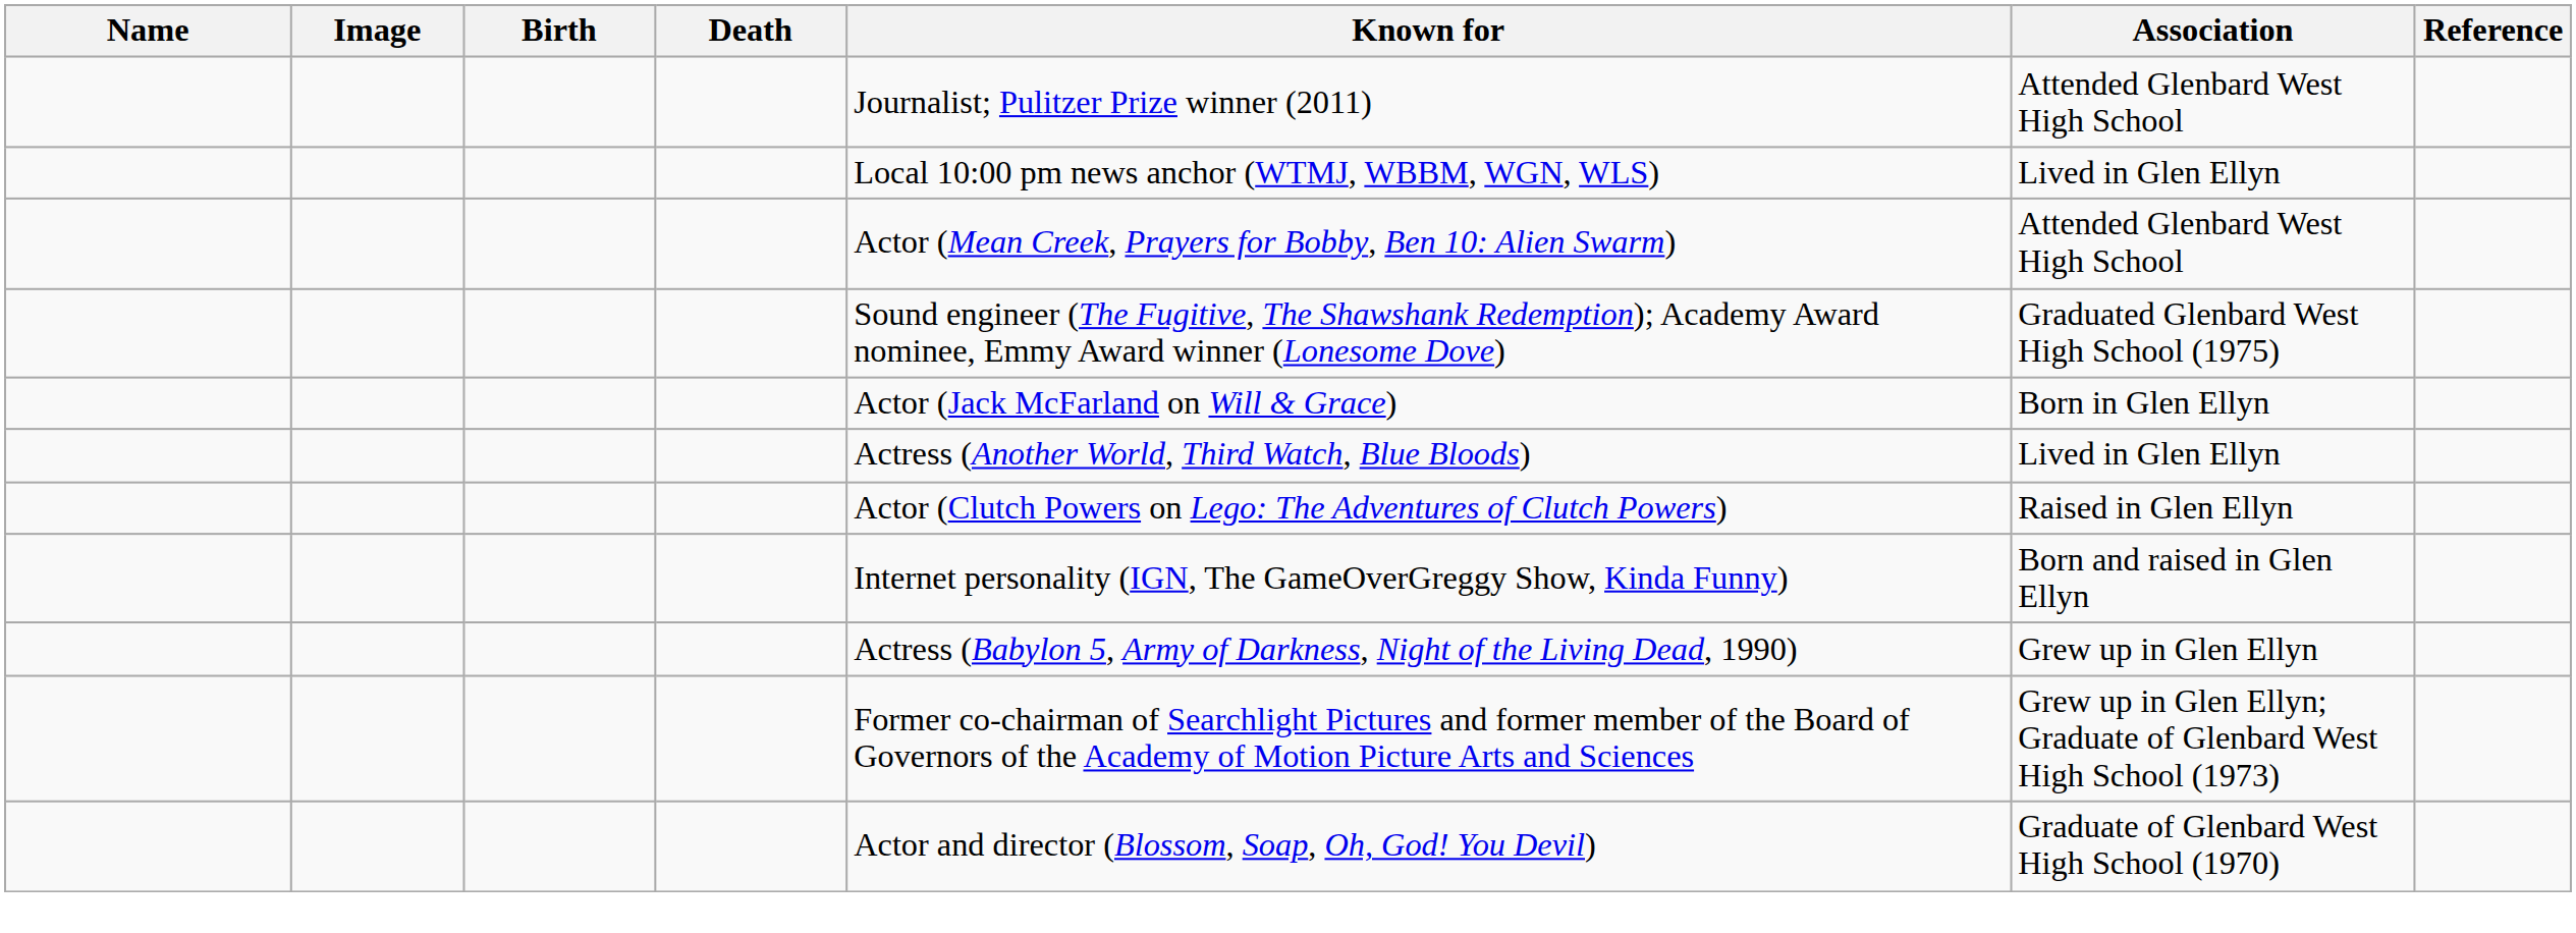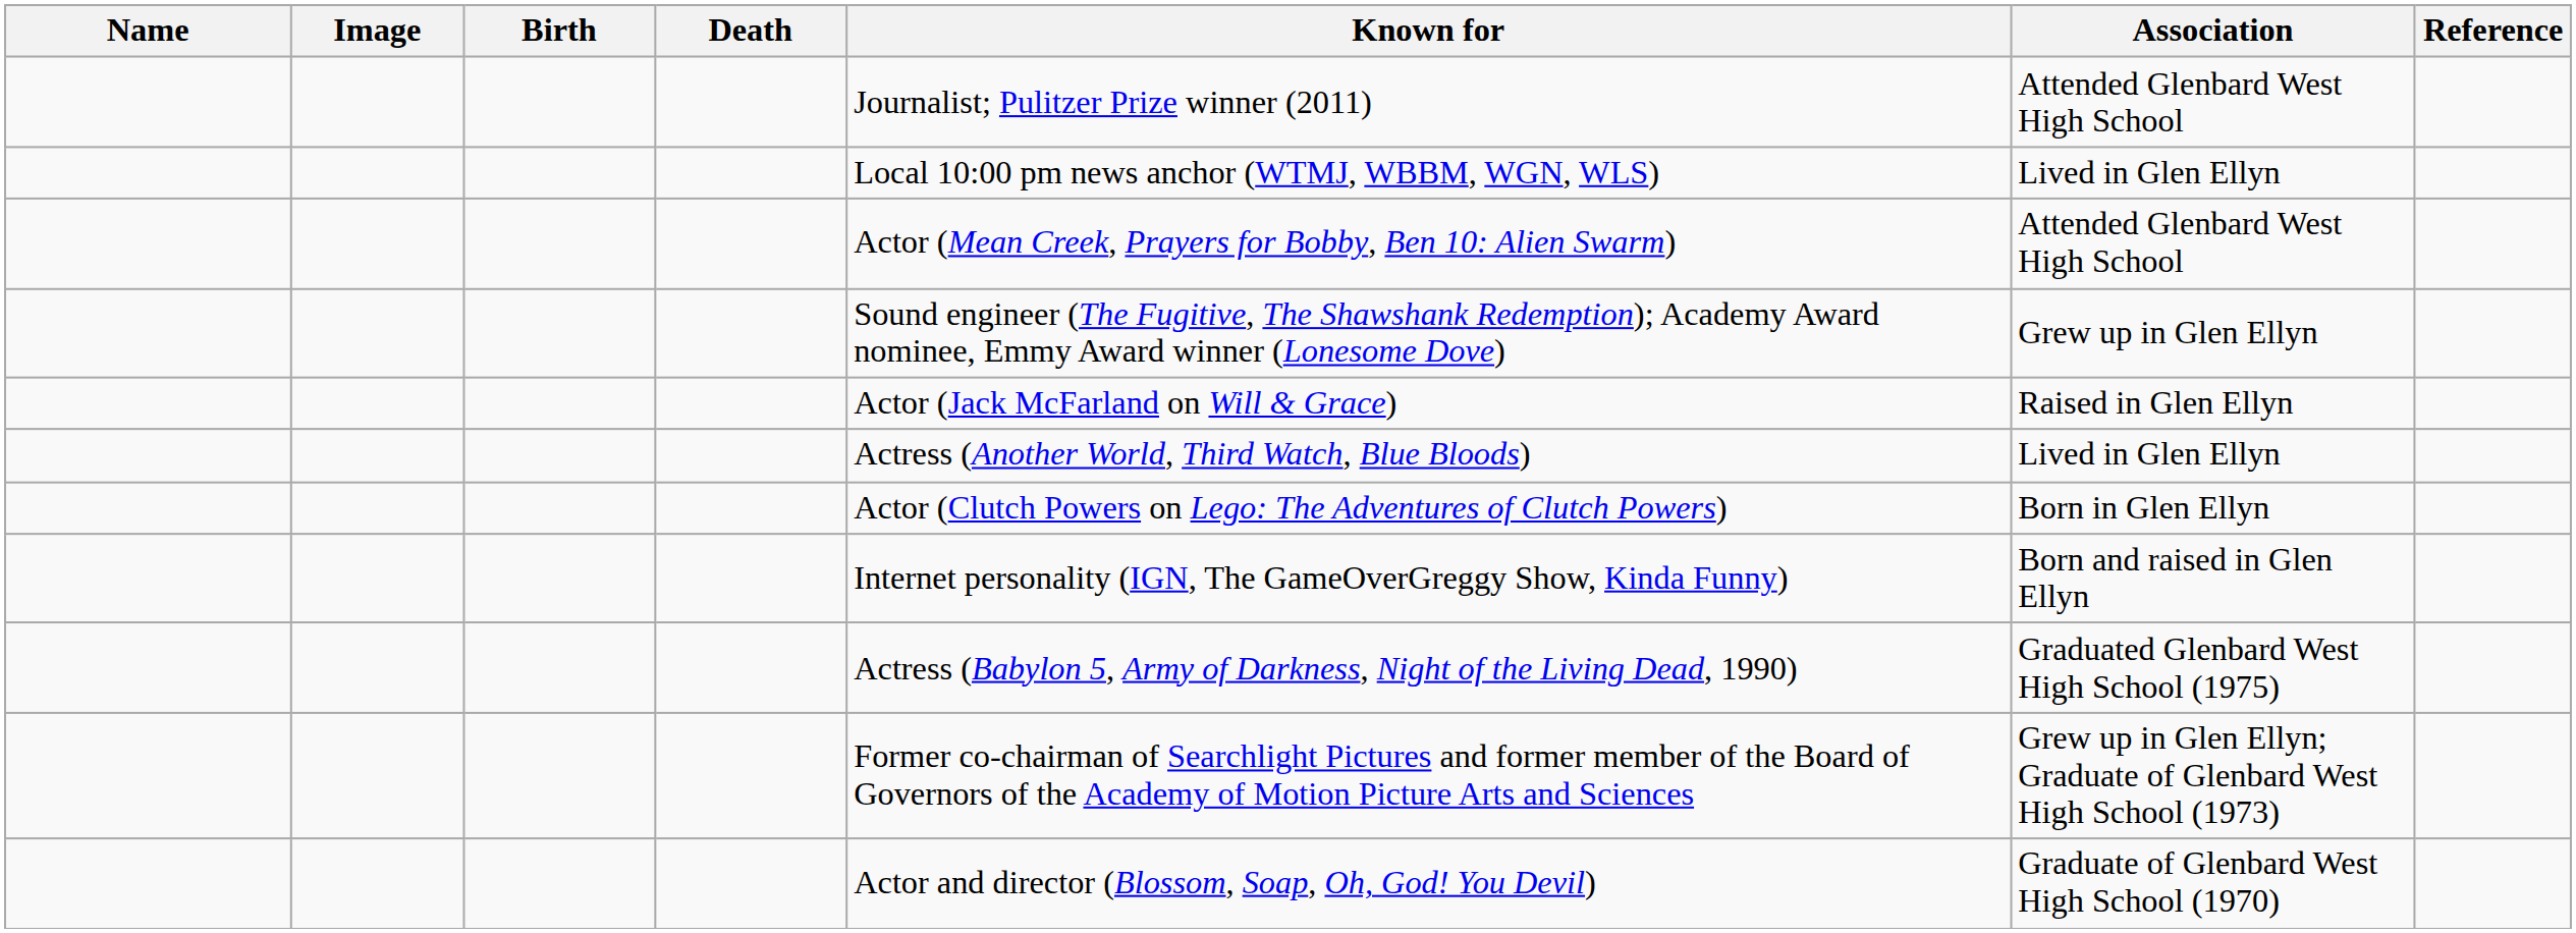 <table class="wikitable sortable">
 <tr>
 <th scope="col" width="140">Name</th>
 <th scope="col" width="80" class="unsortable">Image</th>
 <th scope="col" width="90">Birth</th>
 <th scope="col" width="90">Death</th>
 <th scope="col" width="600" class="unsortable">Known for</th>
 <th scope="col" width="200" class="unsortable">Association</th>
 <th scope="col" width="30" class="unsortable">Reference</th>
 </tr>
 <tr>
 <td></td>
 <td></td>
 <td align=right></td>
 <td></td>
 <td>Journalist; <a href='#'>Pulitzer Prize</a> winner (2011)</td>
 <td>Attended Glenbard West High School</td>
 <td align="center"></td>
 </tr>
 <tr>
 <td></td>
 <td></td>
 <td align=right></td>
 <td align=right></td>
 <td>Local 10:00 pm news anchor (<a href='#'>WTMJ</a>, <a href='#'>WBBM</a>, <a href='#'>WGN</a>, <a href='#'>WLS</a>)</td>
 <td>Lived in Glen Ellyn</td>
 <td align="center"></td>
 </tr>
 <tr>
 <td></td>
 <td></td>
 <td align=right></td>
 <td></td>
 <td>Actor (<em><a href='#'>Mean Creek</a></em>, <em><a href='#'>Prayers for Bobby</a></em>, <em><a href='#'>Ben 10: Alien Swarm</a></em>)</td>
 <td>Attended Glenbard West High School</td>
 <td align="center"></td>
 </tr>
 <tr>
 <td></td>
 <td></td>
 <td></td>
 <td></td>
 <td>Sound engineer (<em><a href='#'>The Fugitive</a></em>, <em><a href='#'>The Shawshank Redemption</a></em>); Academy Award nominee, Emmy Award winner (<em><a href='#'>Lonesome Dove</a></em>)</td>
-<td>Graduated Glenbard West High School (1975)</td>
+<td>Grew up in Glen Ellyn</td>
 <td align="center"></td>
 </tr>
 <tr>
 <td></td>
 <td></td>
 <td align=right></td>
 <td></td>
 <td>Actor (<a href='#'>Jack McFarland</a> on <em><a href='#'>Will & Grace</a></em>)</td>
-<td>Born in Glen Ellyn</td>
+<td>Raised in Glen Ellyn</td>
 <td align="center"></td>
 </tr>
 <tr>
 <td></td>
 <td></td>
 <td align=right></td>
 <td></td>
 <td>Actress (<em><a href='#'>Another World</a></em>, <em><a href='#'>Third Watch</a></em>, <em><a href='#'>Blue Bloods</a></em>)</td>
 <td>Lived in Glen Ellyn</td>
 <td align="center"></td>
 </tr>
 <tr>
 <td></td>
 <td></td>
 <td align=right></td>
 <td></td>
 <td>Actor (<a href='#'>Clutch Powers</a> on <em><a href='#'>Lego: The Adventures of Clutch Powers</a></em>)</td>
-<td>Raised in Glen Ellyn</td>
+<td>Born in Glen Ellyn</td>
 <td align="center"></td>
 </tr>
 <tr>
 <td></td>
 <td></td>
 <td align=right></td>
 <td></td>
 <td>Internet personality (<a href='#'>IGN</a>, The GameOverGreggy Show, <a href='#'>Kinda Funny</a>)</td>
 <td>Born and raised in Glen Ellyn</td>
 <td align="center"></td>
 </tr>
 <tr>
 <td></td>
 <td></td>
 <td align=right></td>
 <td></td>
 <td>Actress (<em><a href='#'>Babylon 5</a></em>, <em><a href='#'>Army of Darkness</a></em>, <em><a href='#'>Night of the Living Dead</a></em>, 1990)</td>
-<td>Grew up in Glen Ellyn</td>
+<td>Graduated Glenbard West High School (1975)</td>
 <td align="center"></td>
 </tr>
 <tr>
 <td></td>
 <td></td>
 <td></td>
 <td></td>
 <td>Former co-chairman of <a href='#'>Searchlight Pictures</a> and former member of the Board of Governors of the <a href='#'>Academy of Motion Picture Arts and Sciences</a></td>
 <td>Grew up in Glen Ellyn; Graduate of Glenbard West High School (1973)</td>
 <td align="center"></td>
 </tr>
 <tr>
 <td></td>
 <td></td>
 <td align=right></td>
 <td></td>
 <td>Actor and director (<em><a href='#'>Blossom</a></em>, <em><a href='#'>Soap</a></em>, <em><a href='#'>Oh, God! You Devil</a></em>)</td>
 <td>Graduate of Glenbard West High School (1970)</td>
 <td align="center"></td>
 </tr>
 <tr>
 </tr>
 </table>
